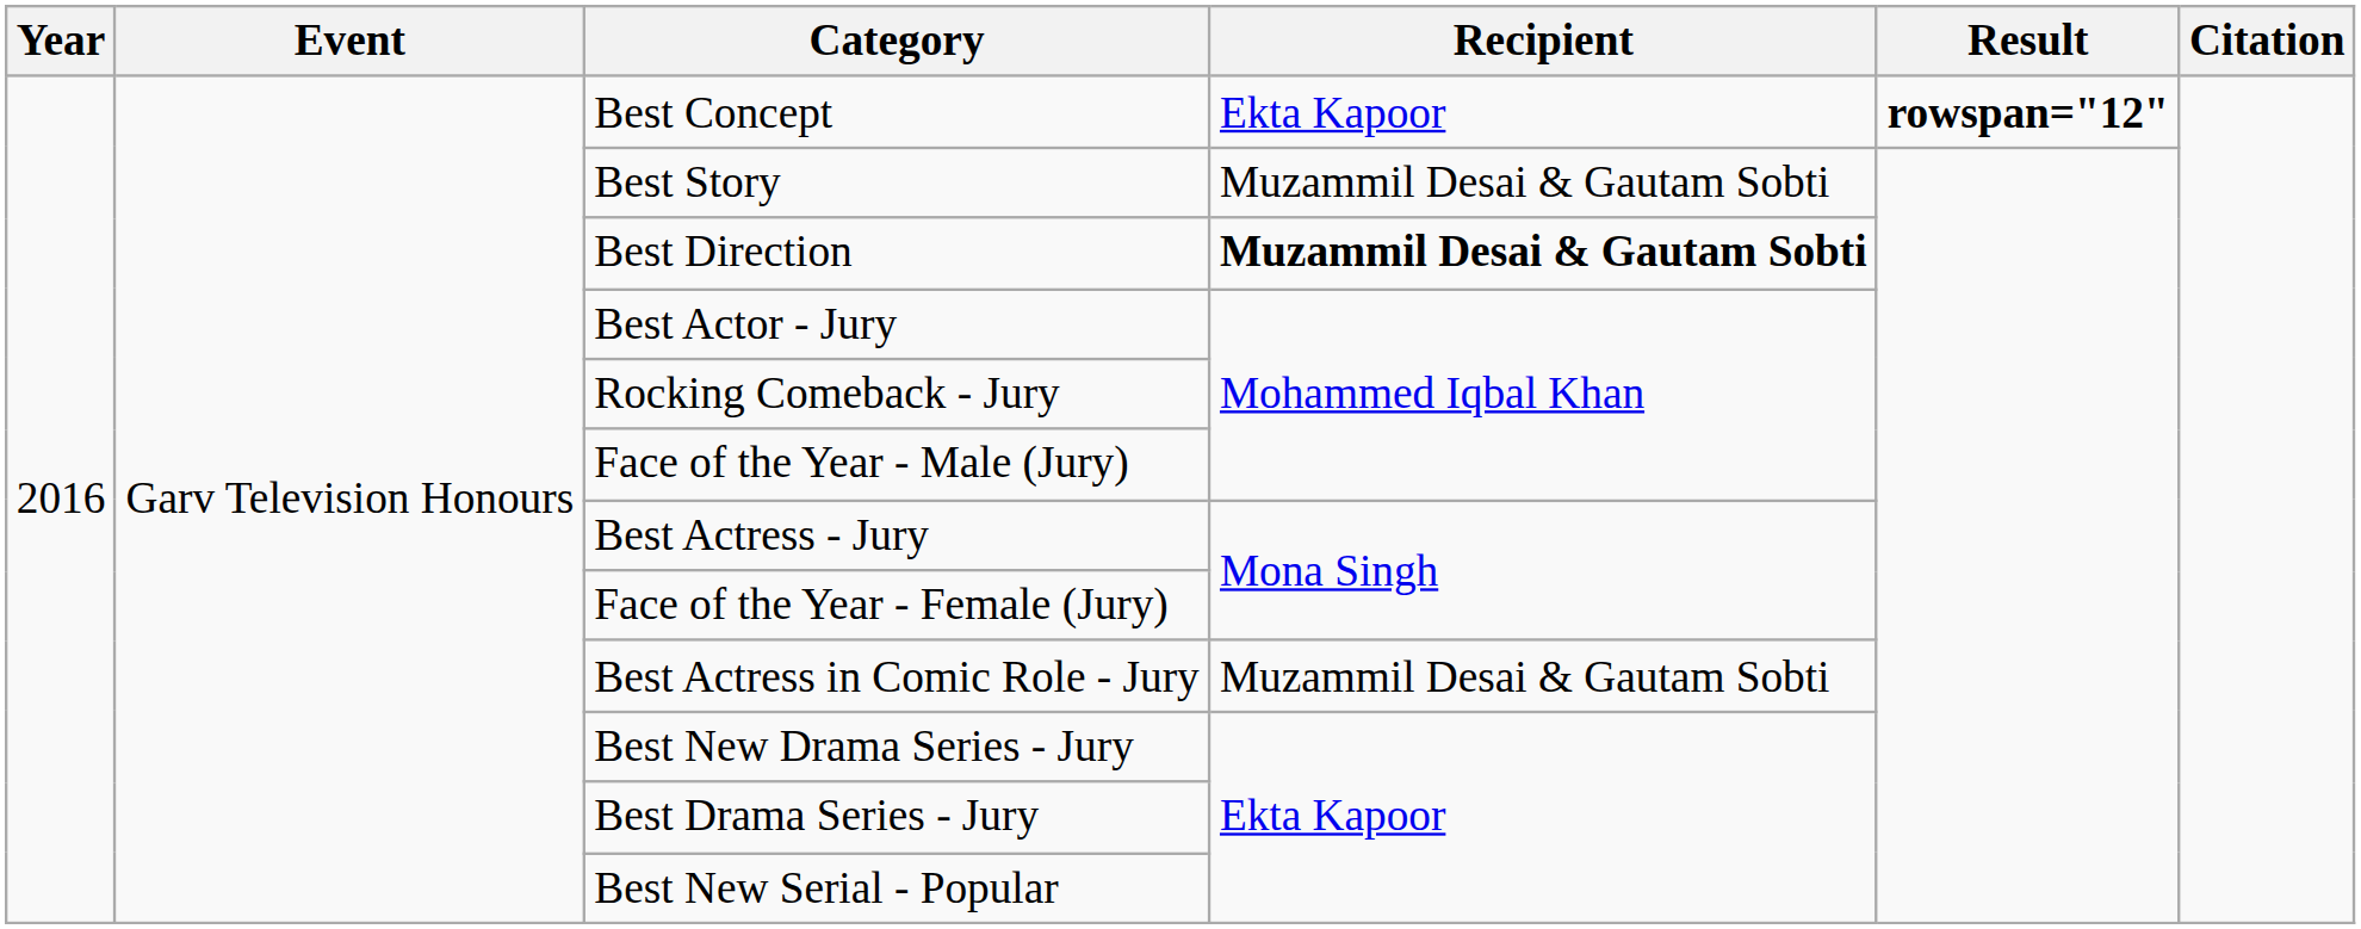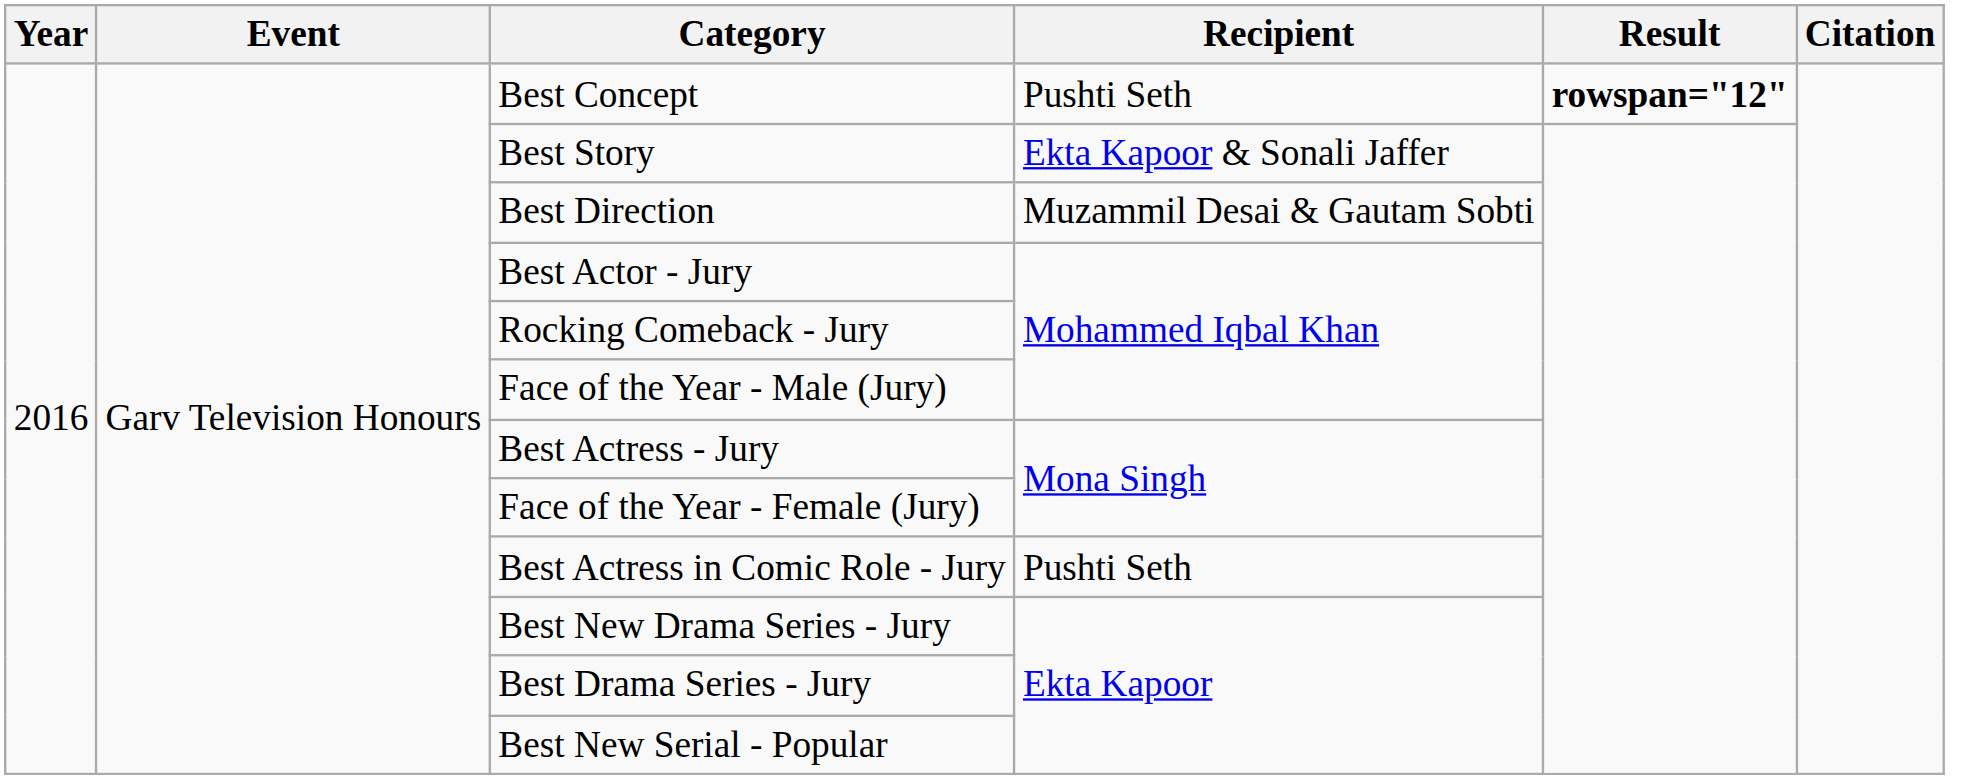 <table class="wikitable">
 <tr>
 <th>Year</th>
 <th>Event</th>
 <th>Category</th>
 <th>Recipient</th>
 <th>Result</th>
 <th>Citation</th>
 </tr>
 <tr>
 <td rowspan="12">2016</td>
 <td rowspan="12">Garv Television Honours</td>
 <td>Best Concept</td>
-<td><a href='#'>Ekta Kapoor</a></td>
+<td>Pushti Seth</td>
 <td><strong>rowspan="12" </strong></td>
 <td rowspan="12"></td>
 </tr>
 <tr>
 <td>Best Story</td>
-<td>Muzammil Desai & Gautam Sobti</td>
+<td><a href='#'>Ekta Kapoor</a> & Sonali Jaffer</td>
 </tr>
 <tr>
 <td>Best Direction</td>
-<td><strong>Muzammil Desai & Gautam Sobti</strong></td>
+<td>Muzammil Desai & Gautam Sobti</td>
 </tr>
 <tr>
 <td>Best Actor - Jury</td>
 <td rowspan="3"><a href='#'>Mohammed Iqbal Khan</a></td>
 </tr>
 <tr>
 <td>Rocking Comeback - Jury</td>
 </tr>
 <tr>
 <td>Face of the Year - Male (Jury)</td>
 </tr>
 <tr>
 <td>Best Actress - Jury</td>
 <td rowspan="2"><a href='#'>Mona Singh</a></td>
 </tr>
 <tr>
 <td>Face of the Year - Female (Jury)</td>
 </tr>
 <tr>
 <td>Best Actress in Comic Role - Jury</td>
-<td>Muzammil Desai & Gautam Sobti</td>
+<td>Pushti Seth</td>
 </tr>
 <tr>
 <td>Best New Drama Series - Jury</td>
 <td rowspan="3"><a href='#'>Ekta Kapoor</a></td>
 </tr>
 <tr>
 <td>Best Drama Series - Jury</td>
 </tr>
 <tr>
 <td>Best New Serial - Popular</td>
 </tr>
 <tr>
 </tr>
 </table>
